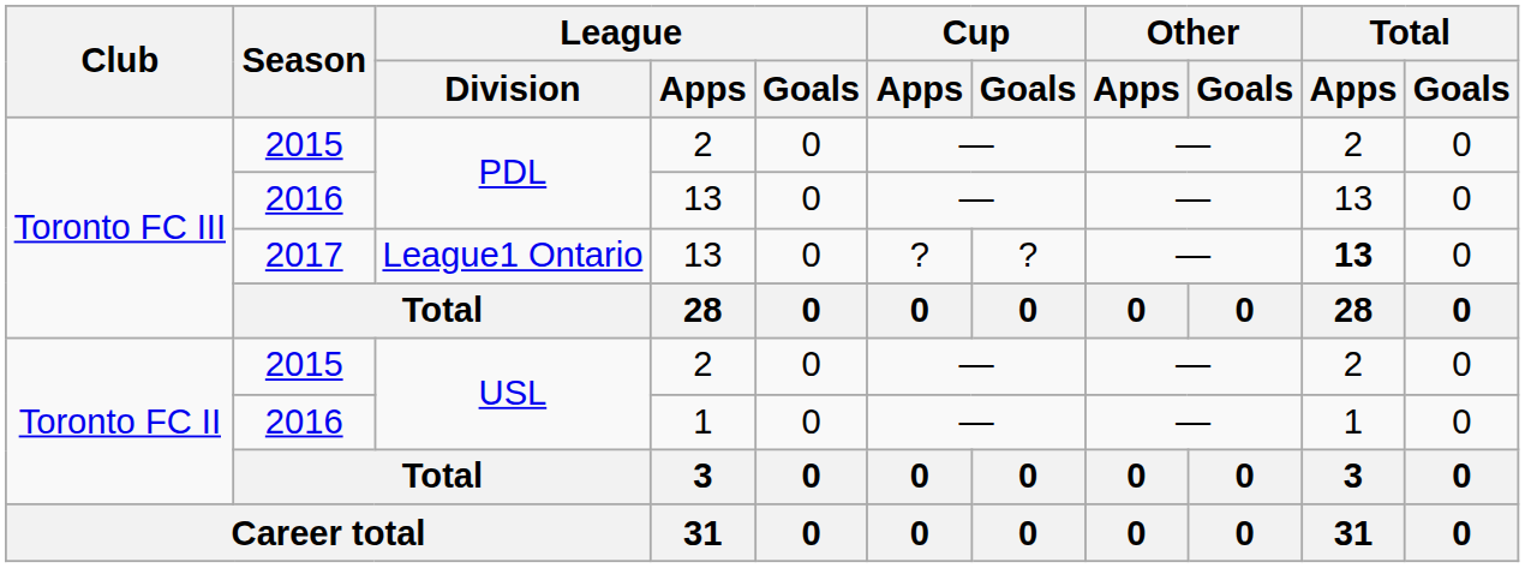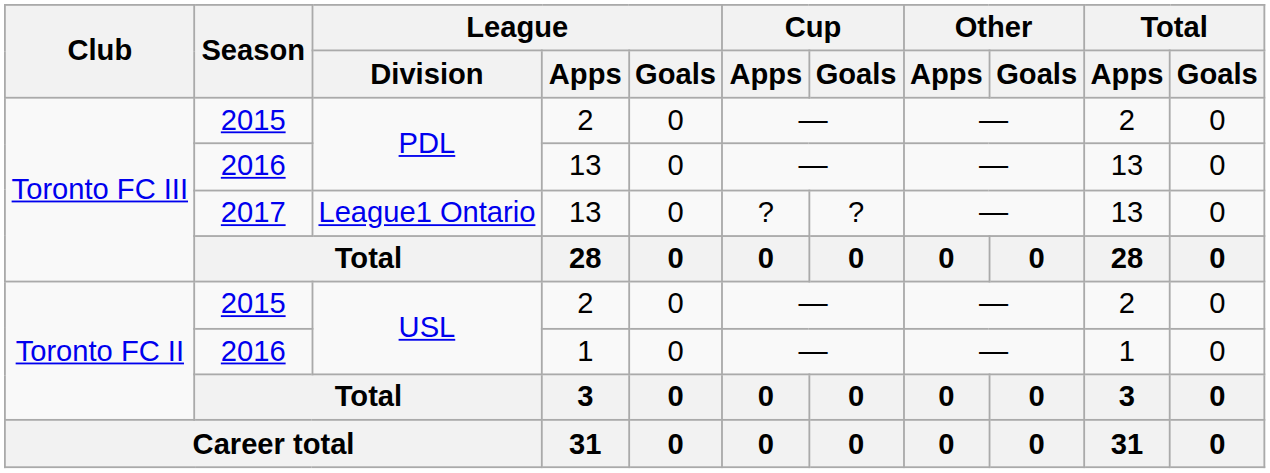 <table class="wikitable" style="text-align:center">
 <tr>
 <th rowspan="2">Club</th>
 <th rowspan="2">Season</th>
 <th colspan="3">League</th>
 <th colspan="2">Cup</th>
 <th colspan="2">Other</th>
 <th colspan="2">Total</th>
 </tr>
 <tr>
 <th>Division</th>
 <th>Apps</th>
 <th>Goals</th>
 <th>Apps</th>
 <th>Goals</th>
 <th>Apps</th>
 <th>Goals</th>
 <th>Apps</th>
 <th>Goals</th>
 </tr>
 <tr>
 <td rowspan="4"><a href='#'>Toronto FC III</a></td>
 <td><a href='#'>2015</a></td>
 <td rowspan="2"><a href='#'>PDL</a></td>
 <td>2</td>
 <td>0</td>
 <td colspan="2">—</td>
 <td colspan="2">—</td>
 <td>2</td>
 <td>0</td>
 </tr>
 <tr>
 <td><a href='#'>2016</a></td>
 <td>13</td>
 <td>0</td>
 <td colspan="2">—</td>
 <td colspan="2">—</td>
 <td>13</td>
 <td>0</td>
 </tr>
 <tr>
 <td><a href='#'>2017</a></td>
 <td><a href='#'>League1 Ontario</a></td>
 <td>13</td>
 <td>0</td>
 <td>?</td>
 <td>?</td>
 <td colspan="2">—</td>
-<td><strong>13</strong></td>
+<td>13</td>
 <td>0</td>
 </tr>
 <tr>
 <th colspan="2">Total</th>
 <th>28</th>
 <th>0</th>
 <th>0</th>
 <th>0</th>
 <th>0</th>
 <th>0</th>
 <th>28</th>
 <th>0</th>
 </tr>
 <tr>
 <td rowspan="3"><a href='#'>Toronto FC II</a></td>
 <td><a href='#'>2015</a></td>
 <td rowspan="2"><a href='#'>USL</a></td>
 <td>2</td>
 <td>0</td>
 <td colspan="2">—</td>
 <td colspan="2">—</td>
 <td>2</td>
 <td>0</td>
 </tr>
 <tr>
 <td><a href='#'>2016</a></td>
 <td>1</td>
 <td>0</td>
 <td colspan="2">—</td>
 <td colspan="2">—</td>
 <td>1</td>
 <td>0</td>
 </tr>
 <tr>
 <th colspan="2">Total</th>
 <th>3</th>
 <th>0</th>
 <th>0</th>
 <th>0</th>
 <th>0</th>
 <th>0</th>
 <th>3</th>
 <th>0</th>
 </tr>
 <tr>
 <th colspan="3">Career total</th>
 <th>31</th>
 <th>0</th>
 <th>0</th>
 <th>0</th>
 <th>0</th>
 <th>0</th>
 <th>31</th>
 <th>0</th>
 </tr>
 </table>
